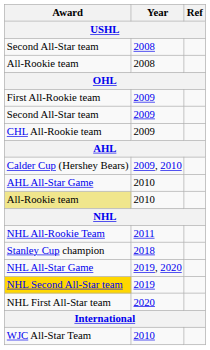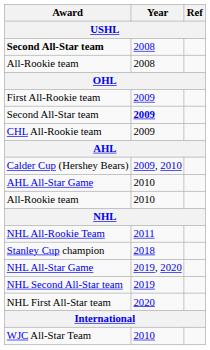 <table class="wikitable">
 <tr>
 <th>Award</th>
 <th>Year</th>
 <th>Ref</th>
 </tr>
 <tr>
 <th colspan="3"><a href='#'>USHL</a></th>
 </tr>
 <tr>
-<td>Second All-Star team</td>
+<td><strong>Second All-Star team</strong></td>
 <td><a href='#'>2008</a></td>
 <td></td>
 </tr>
 <tr>
 <td>All-Rookie team</td>
 <td>2008</td>
 <td></td>
 </tr>
 <tr>
 <th colspan="3"><a href='#'>OHL</a></th>
 </tr>
 <tr>
 <td>First All-Rookie team</td>
 <td><a href='#'>2009</a></td>
 <td></td>
 </tr>
 <tr>
 <td>Second All-Star team</td>
-<td><a href='#'>2009</a></td>
+<td><strong><a href='#'>2009</a></strong></td>
 <td></td>
 </tr>
 <tr>
 <td><a href='#'>CHL</a> All-Rookie team</td>
 <td>2009</td>
 <td></td>
 </tr>
 <tr>
 <th colspan="3"><a href='#'>AHL</a></th>
 </tr>
 <tr>
 <td><a href='#'>Calder Cup</a> (Hershey Bears)</td>
 <td><a href='#'>2009</a>, <a href='#'>2010</a></td>
 <td></td>
 </tr>
 <tr>
 <td><a href='#'>AHL All-Star Game</a></td>
 <td>2010</td>
 <td></td>
 </tr>
 <tr>
-<td style="background: khaki;">All-Rookie team</td>
+<td>All-Rookie team</td>
 <td>2010</td>
 <td></td>
 </tr>
 <tr>
 <th colspan="3"><a href='#'>NHL</a></th>
 </tr>
 <tr>
 <td><a href='#'>NHL All-Rookie Team</a></td>
 <td><a href='#'>2011</a></td>
 <td></td>
 </tr>
 <tr>
 <td><a href='#'>Stanley Cup</a> champion</td>
 <td><a href='#'>2018</a></td>
 <td></td>
 </tr>
 <tr>
 <td><a href='#'>NHL All-Star Game</a></td>
 <td><a href='#'>2019</a>, <a href='#'>2020</a></td>
 <td></td>
 </tr>
 <tr>
-<td style="background: gold;"><a href='#'>NHL Second All-Star team</a></td>
+<td><a href='#'>NHL Second All-Star team</a></td>
 <td><a href='#'>2019</a></td>
 <td></td>
 </tr>
 <tr>
 <td>NHL First All-Star team</td>
 <td><a href='#'>2020</a></td>
 <td></td>
 </tr>
 <tr>
 <th colspan="3"><a href='#'>International</a></th>
 </tr>
 <tr>
 <td><a href='#'>WJC</a> All-Star Team</td>
 <td><a href='#'>2010</a></td>
 <td></td>
 </tr>
 </table>
